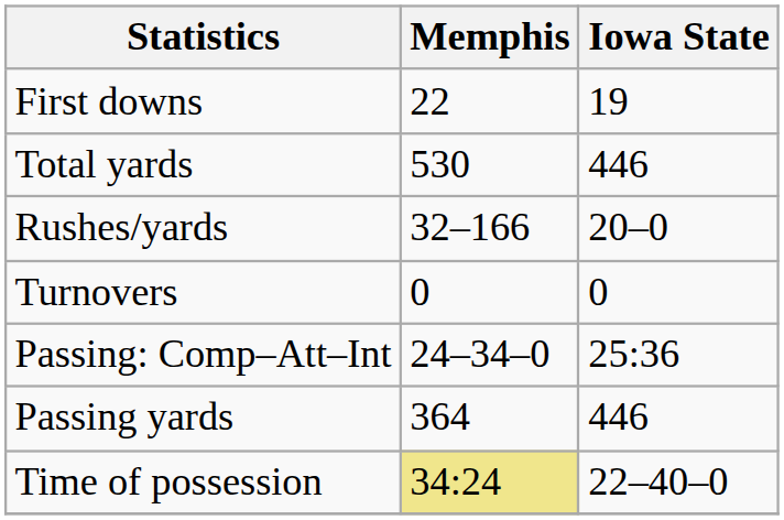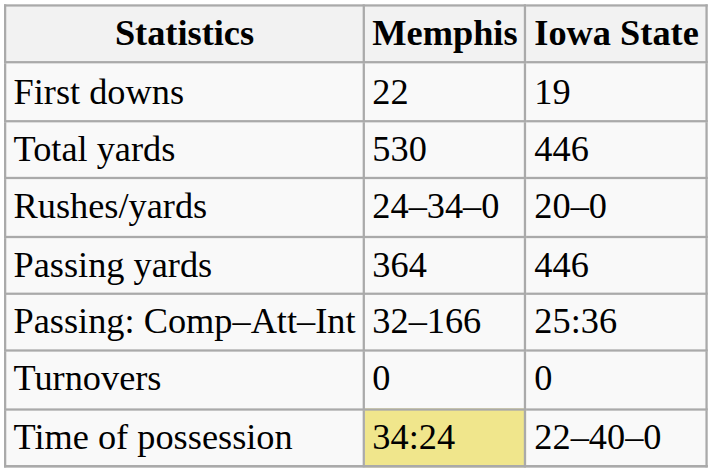 <table class="wikitable" style="float: left;">
 <tr>
 <th>Statistics</th>
 <th>Memphis</th>
 <th>Iowa State</th>
 </tr>
 <tr>
 <td>First downs</td>
 <td>22</td>
 <td>19</td>
 </tr>
 <tr>
 <td>Total yards</td>
 <td>530</td>
 <td>446</td>
 </tr>
 <tr>
 <td>Rushes/yards</td>
+<td>24–34–0</td>
+<td>20–0</td>
+</tr>
+<tr>
+<td>Passing yards</td>
+<td>364</td>
+<td>446</td>
+</tr>
+<tr>
+<td>Passing: Comp–Att–Int</td>
 <td>32–166</td>
-<td>20–0</td>
+<td>25:36</td>
 </tr>
 <tr>
 <td>Turnovers</td>
 <td>0</td>
 <td>0</td>
-</tr>
-<tr>
-<td>Passing: Comp–Att–Int</td>
-<td>24–34–0</td>
-<td>25:36</td>
-</tr>
-<tr>
-<td>Passing yards</td>
-<td>364</td>
-<td>446</td>
 </tr>
 <tr>
 <td>Time of possession</td>
 <td style="background: khaki;">34:24</td>
 <td>22–40–0</td>
 </tr>
 <tr>
 </tr>
 </table>
